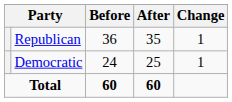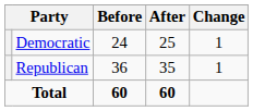 <table class="wikitable" style="text-align:center;">
 <tr>
 </tr>
 <tr>
 <th colspan=2>Party</th>
 <th>Before</th>
 <th>After</th>
 <th>Change</th>
 </tr>
 <tr>
 <th style="background-color:"></th>
-<td style="text-align:left;"><a href='#'>Republican</a></td>
-<td>36</td>
-<td>35</td>
+<td style="text-align:left;"><a href='#'>Democratic</a></td>
+<td>24</td>
+<td>25</td>
 <td> 1</td>
 </tr>
 <tr>
 <th style="background-color:"></th>
-<td style="text-align:left;"><a href='#'>Democratic</a></td>
-<td>24</td>
-<td>25</td>
+<td style="text-align:left;"><a href='#'>Republican</a></td>
+<td>36</td>
+<td>35</td>
 <td> 1</td>
 </tr>
 <tr>
 <td colspan=2><strong>Total</strong></td>
 <td><strong>60</strong></td>
 <td><strong>60</strong></td>
 <td></td>
 </tr>
 </table>
